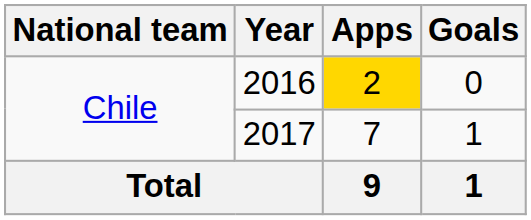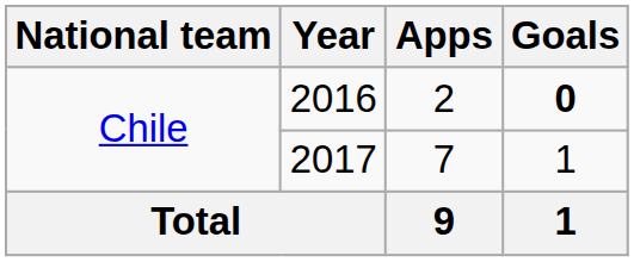 <table class="wikitable" style="text-align:center">
 <tr>
 <th>National team</th>
 <th>Year</th>
 <th>Apps</th>
 <th>Goals</th>
 </tr>
 <tr>
 <td rowspan="2"><a href='#'>Chile</a></td>
 <td>2016</td>
-<td style="background: gold;">2</td>
-<td>0</td>
+<td>2</td>
+<td><strong>0</strong></td>
 </tr>
 <tr>
 <td>2017</td>
 <td>7</td>
 <td>1</td>
 </tr>
 <tr>
 <th colspan="2">Total</th>
 <th>9</th>
 <th>1</th>
 </tr>
 </table>
